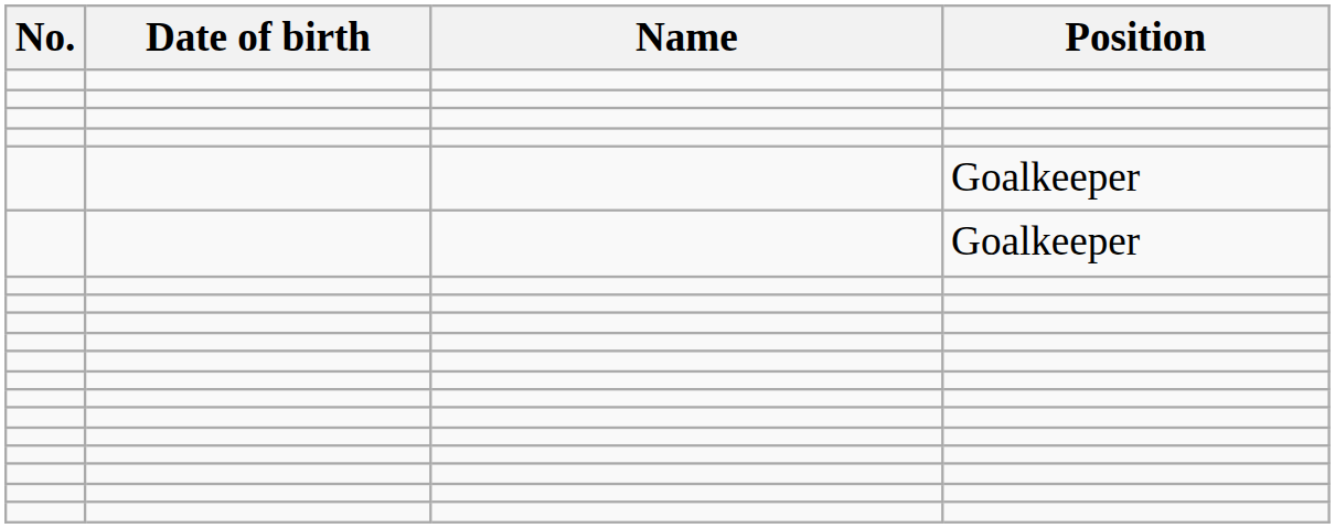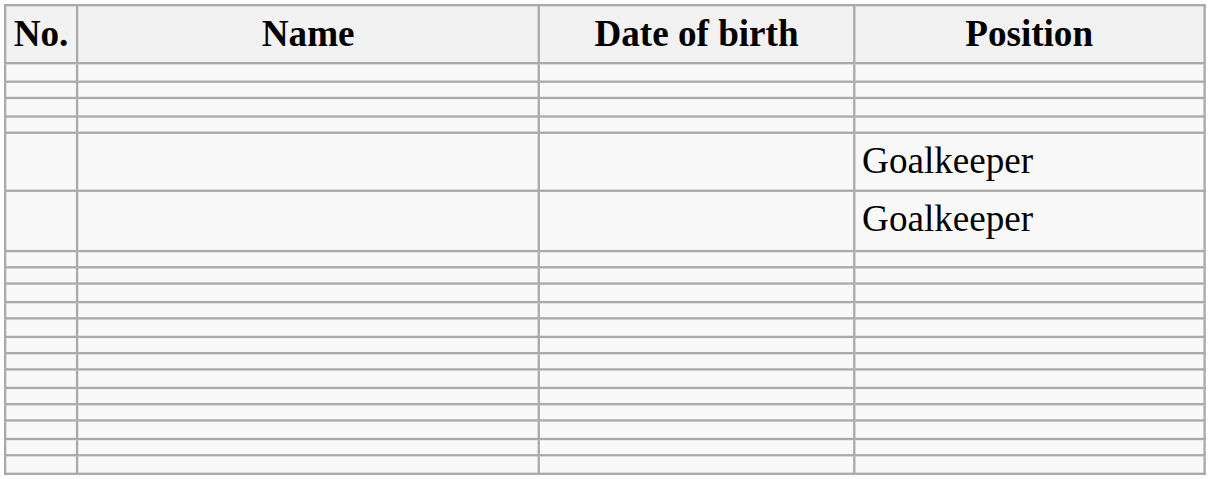 <table class="wikitable sortable" style=font-size:100%; text-align:center;>
 <tr>
 <th>No.</th>
+<th style=width:12em>Name</th>
 <th style=width:8em>Date of birth</th>
-<th style=width:12em>Name</th>
 <th style=width:9em>Position</th>
 </tr>
 <tr>
 <td></td>
+<td align=left></td>
 <td align=right></td>
-<td align=left></td>
 <td></td>
 </tr>
 <tr>
 <td></td>
+<td align=left></td>
 <td align=right></td>
-<td align=left></td>
 <td></td>
 </tr>
 <tr>
 <td></td>
+<td align=left></td>
 <td align=right></td>
-<td align=left></td>
 <td></td>
 </tr>
 <tr>
 <td></td>
+<td align=left></td>
 <td align=right></td>
-<td align=left></td>
 <td></td>
 </tr>
 <tr>
 <td></td>
+<td align=left></td>
 <td align=right></td>
-<td align=left></td>
 <td>Goalkeeper</td>
 </tr>
 <tr>
 <td></td>
+<td align=left></td>
 <td align=right></td>
-<td align=left></td>
 <td>Goalkeeper</td>
 </tr>
 <tr>
 <td></td>
+<td align=left></td>
 <td align=right></td>
-<td align=left></td>
 <td></td>
 </tr>
 <tr>
 <td></td>
+<td align=left></td>
 <td align=right></td>
-<td align=left></td>
 <td></td>
 </tr>
 <tr>
 <td></td>
+<td align=left></td>
 <td align=right></td>
-<td align=left></td>
 <td></td>
 </tr>
 <tr>
 <td></td>
+<td align=left></td>
 <td align=right></td>
-<td align=left></td>
 <td></td>
 </tr>
 <tr>
 <td></td>
+<td align=left></td>
 <td align=right></td>
-<td align=left></td>
 <td></td>
 </tr>
 <tr>
 <td></td>
+<td align=left></td>
 <td align=right></td>
-<td align=left></td>
 <td></td>
 </tr>
 <tr>
 <td></td>
+<td align=left></td>
 <td align=right></td>
-<td align=left></td>
 <td></td>
 </tr>
 <tr>
 <td></td>
+<td align=left></td>
 <td align=right></td>
-<td align=left></td>
 <td></td>
 </tr>
 <tr>
 <td></td>
+<td align=left></td>
 <td align=right></td>
-<td align=left></td>
 <td></td>
 </tr>
 <tr>
 <td></td>
+<td align=left></td>
 <td align=right></td>
-<td align=left></td>
 <td></td>
 </tr>
 <tr>
 <td></td>
+<td align=left></td>
 <td align=right></td>
-<td align=left></td>
 <td></td>
 </tr>
 <tr>
 <td></td>
+<td align=left></td>
 <td align=right></td>
-<td align=left></td>
 <td></td>
 </tr>
 <tr>
 <td></td>
+<td align=left></td>
 <td align=right></td>
-<td align=left></td>
 <td></td>
 </tr>
 </table>
